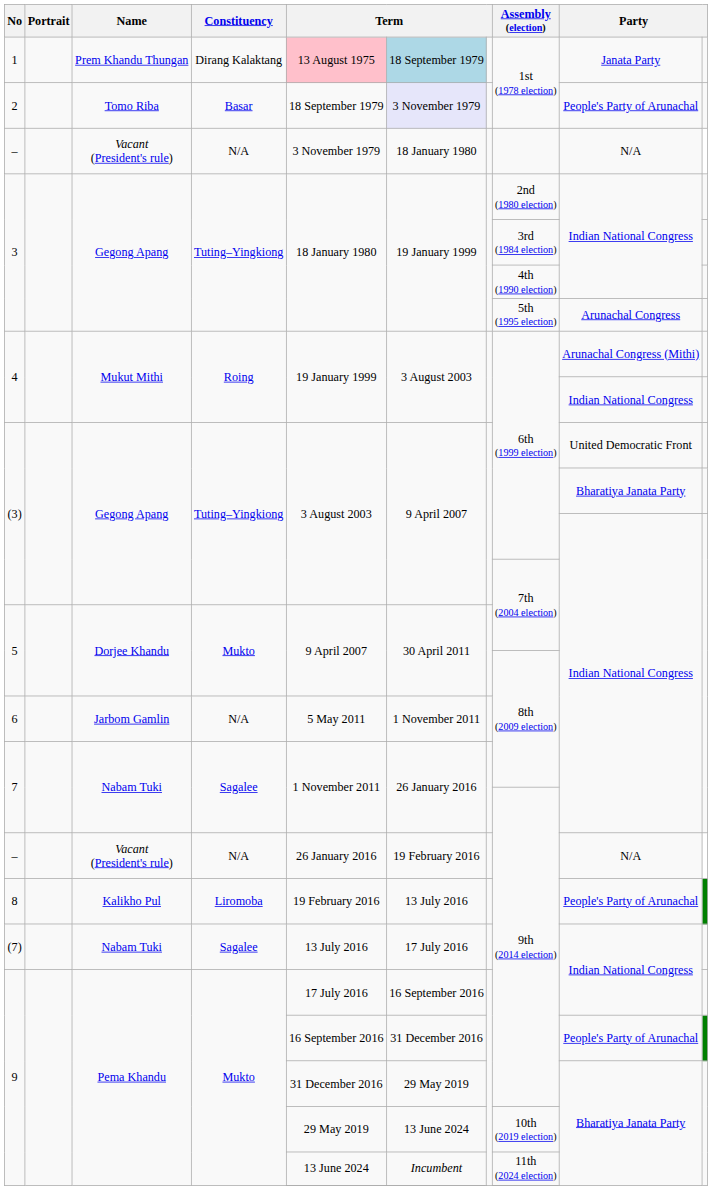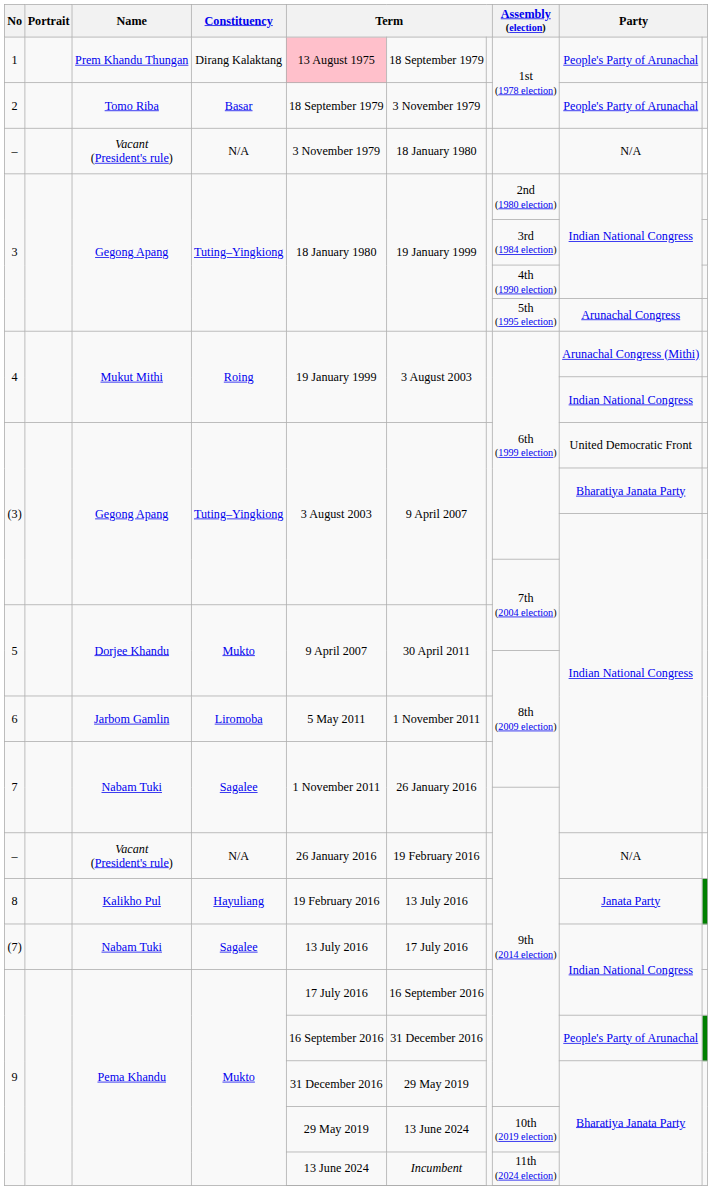 <table class="wikitable" style="text-align:center">
 <tr>
 <th scope="col">No</th>
 <th>Portrait</th>
 <th scope="col">Name</th>
 <th scope="col"><a href='#'>Constituency</a></th>
 <th rowspan=1 colspan="3" scope="col">Term</th>
 <th><a href='#'>Assembly</a><br><small>(<a href='#'>election</a>)</small></th>
 <th colspan="2" scope="col">Party </th>
 </tr>
 <tr style="height: 60px;">
 <td>1</td>
 <td></td>
 <td><a href='#'>Prem Khandu Thungan</a></td>
 <td>Dirang Kalaktang</td>
 <td style="background: pink;">13 August 1975</td>
-<td style="background: lightblue;">18 September 1979</td>
+<td>18 September 1979</td>
 <td></td>
 <td rowspan="2">1st<br><small>(<a href='#'>1978 election</a>)</small></td>
-<td><a href='#'>Janata Party</a></td>
+<td><a href='#'>People's Party of Arunachal</a></td>
 <td style="background-color: "></td>
 </tr>
 <tr style="height: 60px;">
 <td>2</td>
 <td></td>
 <td><a href='#'>Tomo Riba</a></td>
 <td><a href='#'>Basar</a></td>
 <td>18 September 1979</td>
-<td style="background: lavender;">3 November 1979</td>
+<td>3 November 1979</td>
 <td></td>
 <td><a href='#'>People's Party of Arunachal</a></td>
 <td style="background-color: "></td>
 </tr>
 <tr style="height: 60px;">
 <td>–</td>
 <td></td>
 <td colspan=1><em>Vacant</em><br>(<a href='#'>President's rule</a>)</td>
 <td>N/A</td>
 <td>3 November 1979</td>
 <td>18 January 1980</td>
 <td></td>
 <td></td>
 <td>N/A</td>
 <td style="background-color: white"></td>
 </tr>
 <tr style="height: 60px;">
 <td rowspan="4">3</td>
 <td rowspan="4"></td>
 <td rowspan="4"><a href='#'>Gegong Apang</a></td>
 <td rowspan="4"><a href='#'>Tuting–Yingkiong</a></td>
 <td rowspan="4">18 January 1980 </td>
 <td rowspan="4">19 January 1999</td>
 <td rowspan="4"></td>
 <td>2nd<br><small>(<a href='#'>1980 election</a>)</small></td>
 <td rowspan="3"><a href='#'>Indian National Congress</a></td>
 <td style="background-color: "></td>
 </tr>
 <tr style="height: 60px;">
 <td>3rd<br><small>(<a href='#'>1984 election</a>)</small></td>
 <td style="background-color: "></td>
 </tr>
 <tr>
 <td>4th<br><small>(<a href='#'>1990 election</a>)</small></td>
 <td style="background-color: "></td>
 </tr>
 <tr>
 <td>5th<br><small>(<a href='#'>1995 election</a>)</small></td>
 <td><a href='#'>Arunachal Congress</a></td>
 <td style="background-color: "></td>
 </tr>
 <tr style="height: 60px;">
 <td rowspan="2">4</td>
 <td rowspan="2"></td>
 <td rowspan="2"><a href='#'>Mukut Mithi</a></td>
 <td rowspan="2"><a href='#'>Roing</a></td>
 <td rowspan="2">19 January 1999</td>
 <td rowspan="2">3 August 2003</td>
 <td rowspan="2"></td>
 <td rowspan="5">6th<br><small>(<a href='#'>1999 election</a>)</small></td>
 <td><a href='#'>Arunachal Congress (Mithi)</a></td>
 <td style="background-color: "></td>
 </tr>
 <tr style="height: 60px;">
 <td><a href='#'>Indian National Congress</a></td>
 <td style="background-color: "></td>
 </tr>
 <tr style="height: 60px;">
 <td rowspan="4">(3)</td>
 <td rowspan="4"></td>
 <td rowspan="4"><a href='#'>Gegong Apang</a></td>
 <td rowspan="4"><a href='#'>Tuting–Yingkiong</a></td>
 <td rowspan="4">3 August 2003</td>
 <td rowspan="4">9 April 2007</td>
 <td rowspan="4"></td>
 <td>United Democratic Front</td>
 <td></td>
 </tr>
 <tr style="height: 60px;">
 <td><a href='#'>Bharatiya Janata Party</a></td>
 <td style="background-color: "></td>
 </tr>
 <tr style="height: 60px;">
 <td rowspan="7"><a href='#'>Indian National Congress</a></td>
 <td rowspan="7" style="background-color: "></td>
 </tr>
 <tr style="height: 60px;">
 <td rowspan="2">7th<br><small>(<a href='#'>2004 election</a>)</small></td>
 </tr>
 <tr style="height: 60px;">
 <td rowspan="2">5</td>
 <td rowspan="2"></td>
 <td rowspan="2"><a href='#'>Dorjee Khandu</a></td>
 <td rowspan="2"><a href='#'>Mukto</a></td>
 <td rowspan="2">9 April 2007</td>
 <td rowspan="2">30 April 2011</td>
 <td rowspan="2"></td>
 </tr>
 <tr style="height: 60px;">
 <td rowspan="3">8th<br><small>(<a href='#'>2009 election</a>)</small></td>
 </tr>
 <tr style="height: 60px;">
 <td>6</td>
 <td></td>
 <td><a href='#'>Jarbom Gamlin</a></td>
-<td>N/A</td>
+<td><a href='#'>Liromoba</a></td>
 <td>5 May 2011</td>
 <td>1 November 2011</td>
 <td></td>
 </tr>
 <tr style="height: 60px;">
 <td rowspan="2">7</td>
 <td rowspan="2"></td>
 <td rowspan="2"><a href='#'>Nabam Tuki</a></td>
 <td rowspan="2"><a href='#'>Sagalee</a></td>
 <td rowspan="2">1 November 2011</td>
 <td rowspan="2">26 January 2016</td>
 <td rowspan="2"></td>
 </tr>
 <tr style="height: 60px;">
 <td rowspan="7">9th<br><small>(<a href='#'>2014 election</a>)</small></td>
 </tr>
 <tr style="height: 60px;">
 <td>–</td>
 <td></td>
 <td colspan=1><em>Vacant</em><br>(<a href='#'>President's rule</a>)</td>
 <td>N/A</td>
 <td>26 January 2016</td>
 <td>19 February 2016</td>
 <td></td>
 <td>N/A</td>
 <td style="background-color: white"></td>
 </tr>
 <tr style="height: 60px;">
 <td>8</td>
 <td></td>
 <td><a href='#'>Kalikho Pul</a></td>
-<td><a href='#'>Liromoba</a></td>
+<td><a href='#'>Hayuliang</a></td>
 <td>19 February 2016</td>
 <td>13 July 2016</td>
 <td></td>
-<td><a href='#'>People's Party of Arunachal</a></td>
+<td><a href='#'>Janata Party</a></td>
 <td style="background-color: green"></td>
 </tr>
 <tr style="height: 60px;">
 <td>(7)</td>
 <td></td>
 <td><a href='#'>Nabam Tuki</a></td>
 <td><a href='#'>Sagalee</a></td>
 <td>13 July 2016</td>
 <td>17 July 2016</td>
 <td></td>
 <td rowspan="2"><a href='#'>Indian National Congress</a></td>
 <td style="background-color: "></td>
 </tr>
 <tr style="height: 60px;">
 <td rowspan="6">9</td>
 <td rowspan="6"></td>
 <td rowspan="6"><a href='#'>Pema Khandu</a></td>
 <td rowspan="6"><a href='#'>Mukto</a></td>
 <td>17 July 2016</td>
 <td>16 September 2016</td>
 <td rowspan="6"></td>
 <td style="background-color: "></td>
 </tr>
 <tr style="height: 60px;">
 <td>16 September 2016 </td>
 <td>31 December 2016</td>
 <td><a href='#'>People's Party of Arunachal</a></td>
 <td style="background-color: green"></td>
 </tr>
 <tr style="height: 60px;">
 <td>31 December 2016</td>
 <td>29 May 2019</td>
 <td rowspan="4"><a href='#'>Bharatiya Janata Party</a></td>
 <td rowspan="4" style="background-color: "></td>
 </tr>
 <tr style="height: 60px;">
 <td>29 May 2019</td>
 <td>13 June 2024</td>
 <td>10th<br><small>(<a href='#'>2019 election</a>)</small></td>
 </tr>
 <tr>
 <td>13 June 2024</td>
 <td><em>Incumbent</em></td>
 <td>11th<br><small>(<a href='#'>2024 election</a>)</small></td>
 </tr>
 <tr>
 </tr>
 </table>
